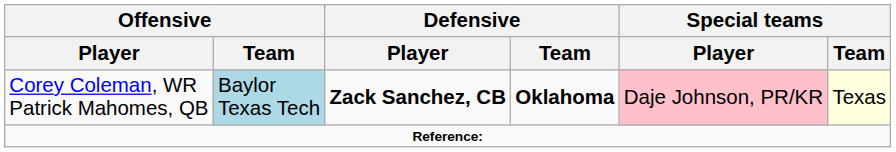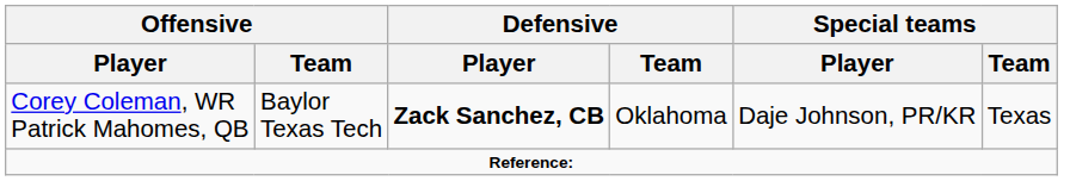 <table class="wikitable">
 <tr>
 <th colspan="2">Offensive</th>
 <th colspan="2">Defensive</th>
 <th colspan="2">Special teams</th>
 </tr>
 <tr>
 <th>Player</th>
 <th>Team</th>
 <th>Player</th>
 <th>Team</th>
 <th>Player</th>
 <th>Team</th>
 </tr>
 <tr>
 <td><a href='#'>Corey Coleman</a>, WR <br> Patrick Mahomes, QB</td>
-<td style="background: lightblue;">Baylor <br> Texas Tech</td>
+<td>Baylor <br> Texas Tech</td>
 <td><strong>Zack Sanchez, CB</strong></td>
-<td><strong>Oklahoma</strong></td>
-<td style="background: pink;">Daje Johnson, PR/KR</td>
-<td style="background: lightyellow;">Texas</td>
+<td>Oklahoma</td>
+<td>Daje Johnson, PR/KR</td>
+<td>Texas</td>
 </tr>
 <tr>
 <td colspan="12"  style="font-size:8pt; text-align:center;"><strong>Reference:</strong></td>
 </tr>
 </table>
